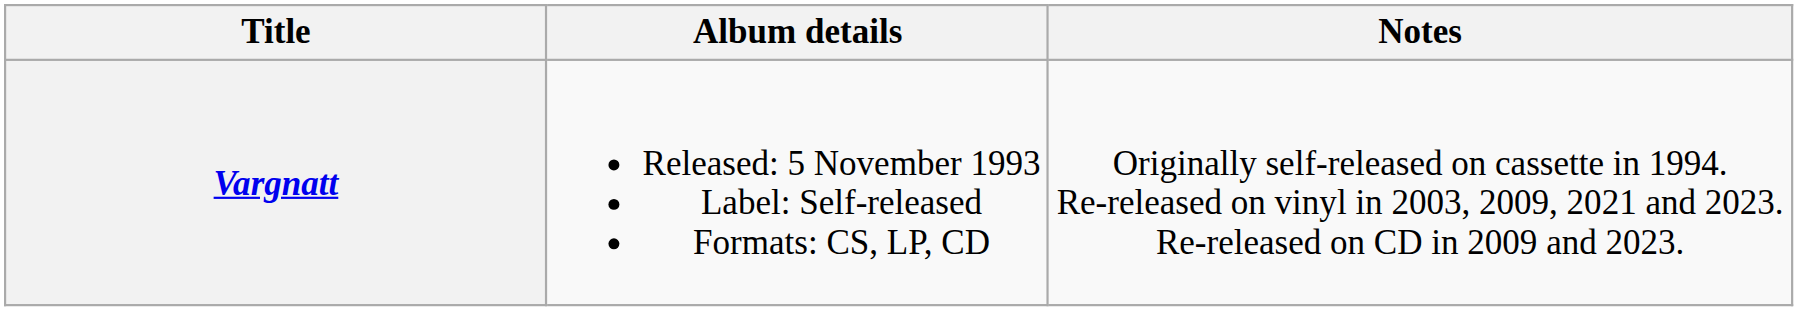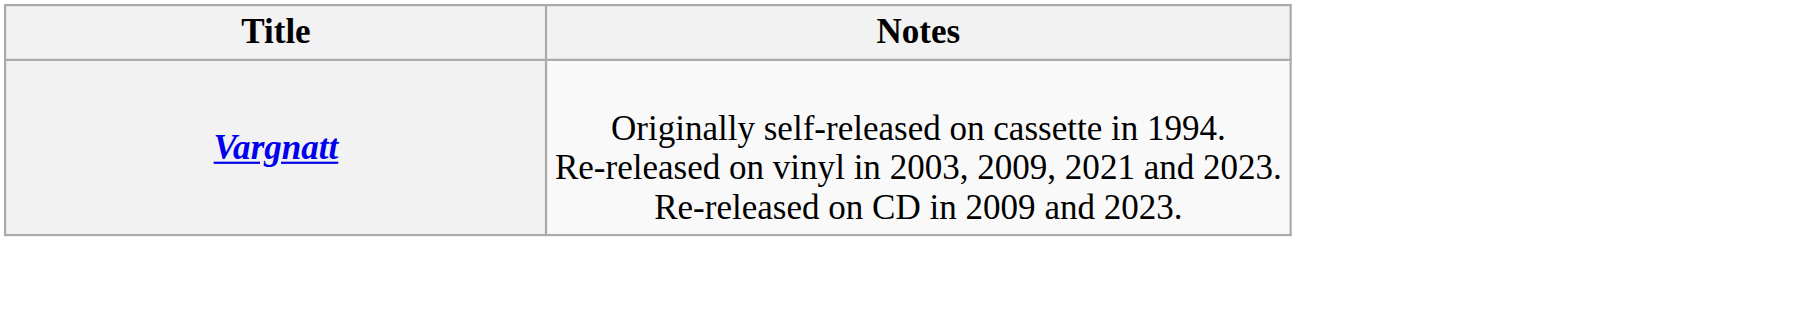 <table class="wikitable plainrowheaders" style="text-align:center;">
 <tr>
 <th scope="col" style="width:15em;">Title</th>
-<th scope="col">Album details</th>
 <th scope="col">Notes</th>
 </tr>
 <tr>
 <th scope="row"><em><a href='#'>Vargnatt</a></em></th>
-<td><br><ul><li>Released: 5 November 1993</li><li>Label: Self-released</li><li>Formats: CS, LP, CD</li></ul></td>
 <td><br>Originally self-released on cassette in 1994.<br> Re-released on vinyl in 2003, 2009, 2021 and 2023.<br> Re-released on CD in 2009 and 2023.</td>
 </tr>
 </table>
